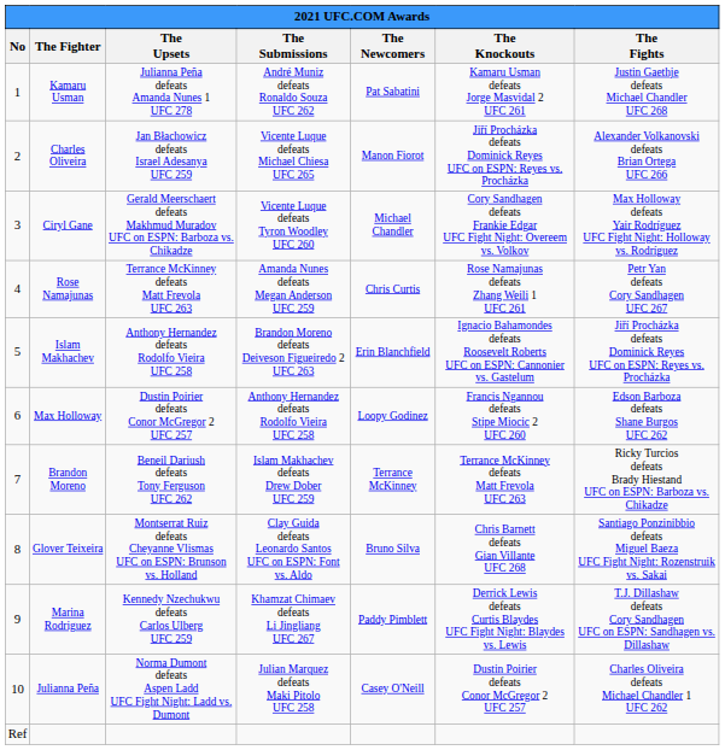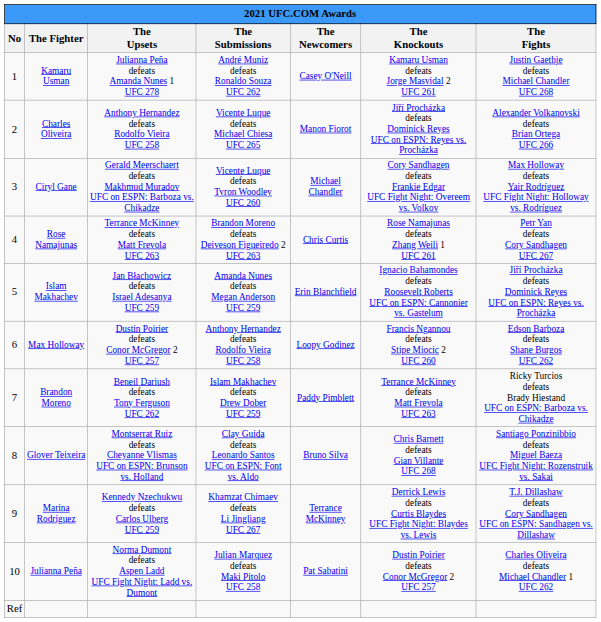 <table class="wikitable" width="100%" style="text-align:Center">
 <tr>
 <th colspan="7" style="border: 1px solid black; padding: 5px; background: #3B99FA;">2021 UFC.COM Awards</th>
 </tr>
 <tr>
 <th>No</th>
 <th>The Fighter</th>
 <th>The<br>Upsets</th>
 <th>The<br>Submissions</th>
 <th>The Newcomers</th>
 <th>The<br>Knockouts</th>
 <th>The<br>Fights</th>
 </tr>
 <tr>
 <td>1</td>
 <td style="font-size:87%"><a href='#'>Kamaru Usman</a></td>
 <td style="font-size:87%"><a href='#'>Julianna Peña</a><br> defeats <br> <a href='#'>Amanda Nunes</a> 1<br> <a href='#'>UFC 278</a></td>
 <td style="font-size:87%"><a href='#'>André Muniz</a> <br> defeats <br> <a href='#'>Ronaldo Souza</a> <br> <a href='#'>UFC 262</a></td>
-<td style="font-size:87%"><a href='#'>Pat Sabatini</a></td>
+<td style="font-size:87%"><a href='#'>Casey O'Neill</a></td>
 <td style="font-size:87%"><a href='#'>Kamaru Usman</a> <br> defeats <br> <a href='#'>Jorge Masvidal</a> 2 <br> <a href='#'>UFC 261</a></td>
 <td style="font-size:87%"><a href='#'>Justin Gaethje</a> <br> defeats <br> <a href='#'>Michael Chandler</a> <br> <a href='#'>UFC 268</a></td>
 </tr>
 <tr>
 <td>2</td>
 <td style="font-size:87%"><a href='#'>Charles Oliveira</a></td>
-<td style="font-size:87%"><a href='#'>Jan Błachowicz</a> <br> defeats <br> <a href='#'>Israel Adesanya</a> <br> <a href='#'>UFC 259</a></td>
+<td style="font-size:87%"><a href='#'>Anthony Hernandez</a> <br> defeats <br> <a href='#'>Rodolfo Vieira</a> <br> <a href='#'>UFC 258</a></td>
 <td style="font-size:87%"><a href='#'>Vicente Luque</a> <br> defeats <br> <a href='#'>Michael Chiesa</a> <br> <a href='#'>UFC 265</a></td>
 <td style="font-size:87%"><a href='#'>Manon Fiorot</a></td>
 <td style="font-size:87%"><a href='#'>Jiří Procházka</a> <br> defeats <br> <a href='#'>Dominick Reyes</a> <br> <a href='#'>UFC on ESPN: Reyes vs. Procházka</a></td>
 <td style="font-size:87%"><a href='#'>Alexander Volkanovski</a> <br> defeats <br> <a href='#'>Brian Ortega</a> <br> <a href='#'>UFC 266</a></td>
 </tr>
 <tr>
 <td>3</td>
 <td style="font-size:87%"><a href='#'>Ciryl Gane</a></td>
 <td style="font-size:87%"><a href='#'>Gerald Meerschaert</a> <br> defeats <br> <a href='#'>Makhmud Muradov</a>  <br> <a href='#'>UFC on ESPN: Barboza vs. Chikadze</a></td>
 <td style="font-size:87%"><a href='#'>Vicente Luque</a> <br> defeats <br> <a href='#'>Tyron Woodley</a> <br> <a href='#'>UFC 260</a></td>
 <td style="font-size:87%"><a href='#'>Michael Chandler</a></td>
 <td style="font-size:87%"><a href='#'>Cory Sandhagen</a> <br> defeats <br> <a href='#'>Frankie Edgar</a> <br> <a href='#'>UFC Fight Night: Overeem vs. Volkov</a></td>
 <td style="font-size:87%"><a href='#'>Max Holloway</a> <br> defeats  <br> <a href='#'>Yair Rodríguez</a> <br> <a href='#'>UFC Fight Night: Holloway vs. Rodríguez</a></td>
 </tr>
 <tr>
 <td>4</td>
 <td style="font-size:87%"><a href='#'>Rose Namajunas</a></td>
 <td style="font-size:87%"><a href='#'>Terrance McKinney</a> <br> defeats <br> <a href='#'>Matt Frevola</a> <br> <a href='#'>UFC 263</a></td>
-<td style="font-size:87%"><a href='#'>Amanda Nunes</a> <br> defeats <br> <a href='#'>Megan Anderson</a> <br> <a href='#'>UFC 259</a></td>
+<td style="font-size:87%"><a href='#'>Brandon Moreno</a> <br> defeats <br> <a href='#'>Deiveson Figueiredo</a> 2 <br> <a href='#'>UFC 263</a></td>
 <td style="font-size:87%"><a href='#'>Chris Curtis</a></td>
 <td style="font-size:87%"><a href='#'>Rose Namajunas</a> <br> defeats <br> <a href='#'>Zhang Weili</a> 1 <br> <a href='#'>UFC 261</a></td>
 <td style="font-size:87%"><a href='#'>Petr Yan</a> <br> defeats <br> <a href='#'>Cory Sandhagen</a><br> <a href='#'>UFC 267</a></td>
 </tr>
 <tr>
 <td>5</td>
 <td style="font-size:87%"><a href='#'>Islam Makhachev</a></td>
-<td style="font-size:87%"><a href='#'>Anthony Hernandez</a> <br> defeats <br> <a href='#'>Rodolfo Vieira</a> <br> <a href='#'>UFC 258</a></td>
-<td style="font-size:87%"><a href='#'>Brandon Moreno</a> <br> defeats <br> <a href='#'>Deiveson Figueiredo</a> 2 <br> <a href='#'>UFC 263</a></td>
+<td style="font-size:87%"><a href='#'>Jan Błachowicz</a> <br> defeats <br> <a href='#'>Israel Adesanya</a> <br> <a href='#'>UFC 259</a></td>
+<td style="font-size:87%"><a href='#'>Amanda Nunes</a> <br> defeats <br> <a href='#'>Megan Anderson</a> <br> <a href='#'>UFC 259</a></td>
 <td style="font-size:87%"><a href='#'>Erin Blanchfield</a></td>
 <td style="font-size:87%"><a href='#'>Ignacio Bahamondes</a> <br> defeats <br> <a href='#'>Roosevelt Roberts</a><br> <a href='#'>UFC on ESPN: Cannonier vs. Gastelum</a></td>
 <td style="font-size:87%"><a href='#'>Jiří Procházka</a> <br> defeats <br> <a href='#'>Dominick Reyes</a> <br> <a href='#'>UFC on ESPN: Reyes vs. Procházka</a></td>
 </tr>
 <tr>
 <td>6</td>
 <td style="font-size:87%"><a href='#'>Max Holloway</a></td>
 <td style="font-size:87%"><a href='#'>Dustin Poirier</a> <br> defeats <br> <a href='#'>Conor McGregor</a> 2 <br> <a href='#'>UFC 257</a></td>
 <td style="font-size:87%"><a href='#'>Anthony Hernandez</a> <br> defeats <br> <a href='#'>Rodolfo Vieira</a> <br> <a href='#'>UFC 258</a></td>
 <td style="font-size:87%"><a href='#'>Loopy Godinez</a></td>
 <td style="font-size:87%"><a href='#'>Francis Ngannou</a> <br> defeats <br> <a href='#'>Stipe Miocic</a> 2<br> <a href='#'>UFC 260</a></td>
 <td style="font-size:87%"><a href='#'>Edson Barboza</a> <br> defeats  <br> <a href='#'>Shane Burgos</a> <br> <a href='#'>UFC 262</a></td>
 </tr>
 <tr>
 <td>7</td>
 <td style="font-size:87%"><a href='#'>Brandon Moreno</a></td>
 <td style="font-size:87%"><a href='#'>Beneil Dariush</a> <br> defeats <br> <a href='#'>Tony Ferguson</a> <br> <a href='#'>UFC 262</a></td>
 <td style="font-size:87%"><a href='#'>Islam Makhachev</a> <br> defeats <br> <a href='#'>Drew Dober</a> <br> <a href='#'>UFC 259</a></td>
-<td style="font-size:87%"><a href='#'>Terrance McKinney</a></td>
+<td style="font-size:87%"><a href='#'>Paddy Pimblett</a></td>
 <td style="font-size:87%"><a href='#'>Terrance McKinney</a> <br> defeats <br> <a href='#'>Matt Frevola</a> <br> <a href='#'>UFC 263</a></td>
 <td style="font-size:87%">Ricky Turcios <br> defeats <br> Brady Hiestand <br> <a href='#'>UFC on ESPN: Barboza vs. Chikadze</a></td>
 </tr>
 <tr>
 <td>8</td>
 <td style="font-size:87%"><a href='#'>Glover Teixeira</a></td>
 <td style="font-size:87%"><a href='#'>Montserrat Ruiz</a><br> defeats <br> <a href='#'>Cheyanne Vlismas</a><br> <a href='#'>UFC on ESPN: Brunson vs. Holland</a></td>
 <td style="font-size:87%"><a href='#'>Clay Guida</a> <br> defeats <br> <a href='#'>Leonardo Santos</a> <br> <a href='#'>UFC on ESPN: Font vs. Aldo</a></td>
 <td style="font-size:87%"><a href='#'>Bruno Silva</a></td>
 <td style="font-size:87%"><a href='#'>Chris Barnett</a> <br> defeats <br> <a href='#'>Gian Villante</a> <br> <a href='#'>UFC 268</a></td>
 <td style="font-size:87%"><a href='#'>Santiago Ponzinibbio</a> <br> defeats <br> <a href='#'>Miguel Baeza</a> <br> <a href='#'>UFC Fight Night: Rozenstruik vs. Sakai</a></td>
 </tr>
 <tr>
 <td>9</td>
 <td style="font-size:87%"><a href='#'>Marina Rodriguez</a></td>
 <td style="font-size:87%"><a href='#'>Kennedy Nzechukwu</a> <br> defeats <br>  <a href='#'>Carlos Ulberg</a> <br> <a href='#'>UFC 259</a></td>
 <td style="font-size:87%"><a href='#'>Khamzat Chimaev</a> <br> defeats <br> <a href='#'>Li Jingliang</a> <br> <a href='#'>UFC 267</a></td>
-<td style="font-size:87%"><a href='#'>Paddy Pimblett</a></td>
+<td style="font-size:87%"><a href='#'>Terrance McKinney</a></td>
 <td style="font-size:87%"><a href='#'>Derrick Lewis</a> <br> defeats <br> <a href='#'>Curtis Blaydes</a> <br> <a href='#'>UFC Fight Night: Blaydes vs. Lewis</a></td>
 <td style="font-size:87%"><a href='#'>T.J. Dillashaw</a> <br> defeats <br> <a href='#'>Cory Sandhagen</a> <br> <a href='#'>UFC on ESPN: Sandhagen vs. Dillashaw</a></td>
 </tr>
 <tr>
 <td>10</td>
 <td style="font-size:87%"><a href='#'>Julianna Peña</a></td>
 <td style="font-size:87%"><a href='#'>Norma Dumont</a> <br> defeats <br> <a href='#'>Aspen Ladd</a> <br> <a href='#'>UFC Fight Night: Ladd vs. Dumont</a></td>
 <td style="font-size:87%"><a href='#'>Julian Marquez</a> <br> defeats <br> <a href='#'>Maki Pitolo</a> <br> <a href='#'>UFC 258</a></td>
-<td style="font-size:87%"><a href='#'>Casey O'Neill</a></td>
+<td style="font-size:87%"><a href='#'>Pat Sabatini</a></td>
 <td style="font-size:87%"><a href='#'>Dustin Poirier</a> <br> defeats <br> <a href='#'>Conor McGregor</a> 2 <br> <a href='#'>UFC 257</a></td>
 <td style="font-size:87%"><a href='#'>Charles Oliveira</a> <br> defeats <br> <a href='#'>Michael Chandler</a> 1 <br> <a href='#'>UFC 262</a></td>
 </tr>
 <tr>
 <td>Ref</td>
 <td></td>
 <td></td>
 <td></td>
 <td></td>
 <td></td>
 <td></td>
 </tr>
 </table>
